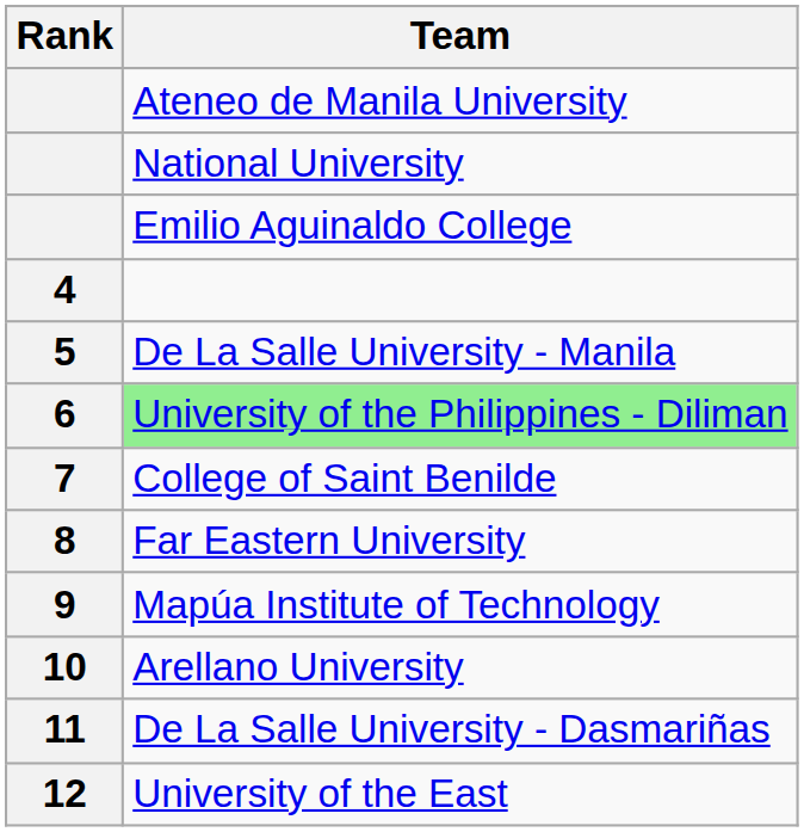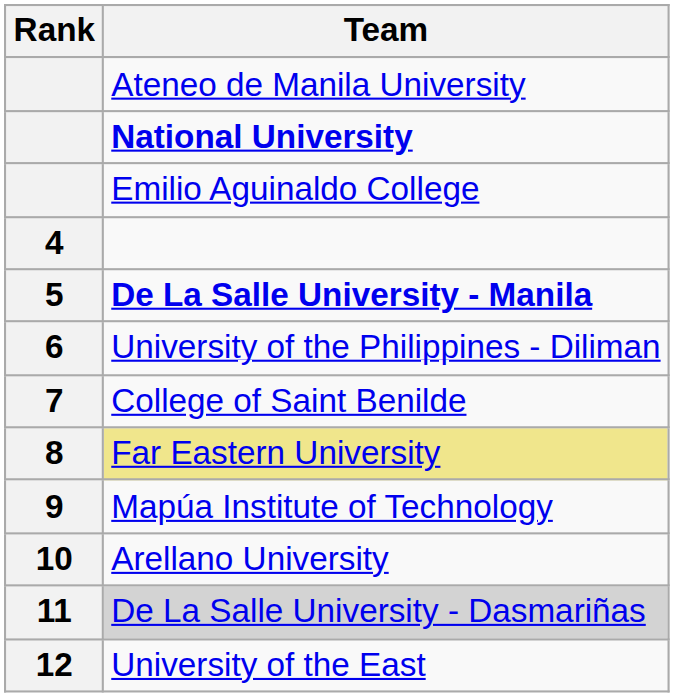 <table class="wikitable" style="text-align: center;">
 <tr>
 <th width=40>Rank</th>
 <th>Team</th>
 </tr>
 <tr>
 <th></th>
 <td style="text-align:left;"> <a href='#'>Ateneo de Manila University</a></td>
 </tr>
 <tr>
 <th></th>
-<td style="text-align:left;"> <a href='#'>National University</a></td>
+<td style="text-align:left;"><strong> <a href='#'>National University</a></strong></td>
 </tr>
 <tr>
 <th></th>
 <td style="text-align:left;"> <a href='#'>Emilio Aguinaldo College</a></td>
 </tr>
 <tr>
 <th>4</th>
 <td style="text-align:left;"></td>
 </tr>
 <tr>
 <th>5</th>
-<td style="text-align:left;"> <a href='#'>De La Salle University - Manila</a></td>
+<td style="text-align:left;"><strong> <a href='#'>De La Salle University - Manila</a></strong></td>
 </tr>
 <tr>
 <th>6</th>
-<td style="background: lightgreen; text-align:left;"> <a href='#'>University of the Philippines - Diliman</a></td>
+<td style="text-align:left;"> <a href='#'>University of the Philippines - Diliman</a></td>
 </tr>
 <tr>
 <th>7</th>
 <td style="text-align:left;"> <a href='#'>College of Saint Benilde</a></td>
 </tr>
 <tr>
 <th>8</th>
-<td style="text-align:left;"> <a href='#'>Far Eastern University</a></td>
+<td style="background: khaki; text-align:left;"> <a href='#'>Far Eastern University</a></td>
 </tr>
 <tr>
 <th>9</th>
 <td style="text-align:left;"> <a href='#'>Mapúa Institute of Technology</a></td>
 </tr>
 <tr>
 <th>10</th>
 <td style="text-align:left;"> <a href='#'>Arellano University</a></td>
 </tr>
 <tr>
 <th>11</th>
-<td style="text-align:left;"> <a href='#'>De La Salle University - Dasmariñas</a></td>
+<td style="background: lightgrey; text-align:left;"> <a href='#'>De La Salle University - Dasmariñas</a></td>
 </tr>
 <tr>
 <th>12</th>
 <td style="text-align:left;"> <a href='#'>University of the East</a></td>
 </tr>
 </table>
